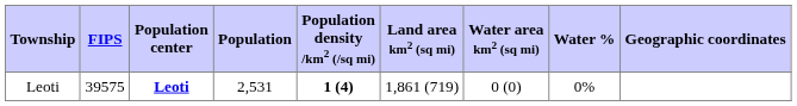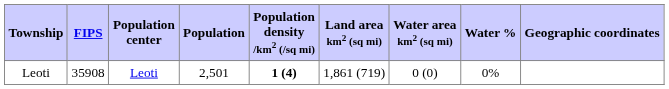 <table class="toccolours" border=1 cellspacing=0 cellpadding=4 style="text-align:center; border-collapse:collapse; font-size:90%;">
 <tr style="background:#ccccff">
 <th>Township</th>
 <th><a href='#'>FIPS</a></th>
 <th>Population<br>center</th>
 <th>Population</th>
 <th>Population<br>density<br><small>/km<sup>2</sup> (/sq mi)</small></th>
 <th>Land area<br><small>km<sup>2</sup> (sq mi)</small></th>
 <th>Water area<br><small>km<sup>2</sup> (sq mi)</small></th>
 <th>Water %</th>
 <th>Geographic coordinates</th>
 </tr>
 <tr>
 <td>Leoti</td>
-<td>39575</td>
-<td><strong><a href='#'>Leoti</a></strong></td>
-<td>2,531</td>
+<td>35908</td>
+<td><a href='#'>Leoti</a></td>
+<td>2,501</td>
 <td><strong>1 (4)</strong></td>
 <td>1,861 (719)</td>
 <td>0 (0)</td>
 <td>0%</td>
 <td></td>
 </tr>
 </table>
